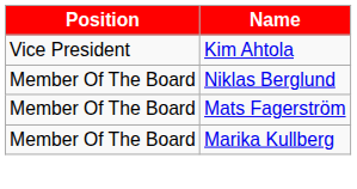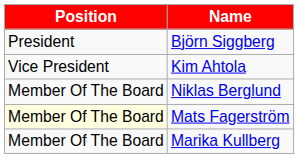 <table class="wikitable">
 <tr>
 <th style="color:#FFFFFF; background:#FF0000">Position</th>
 <th style="color:#FFFFFF; background:#FF0000">Name</th>
+</tr>
+<tr>
+<td>President</td>
+<td> <a href='#'>Björn Siggberg</a></td>
 </tr>
 <tr>
 <td>Vice President</td>
 <td> <a href='#'>Kim Ahtola</a></td>
 </tr>
 <tr>
 <td>Member Of The Board</td>
 <td> <a href='#'>Niklas Berglund</a></td>
 </tr>
 <tr>
-<td>Member Of The Board</td>
+<td style="background: lightyellow;">Member Of The Board</td>
 <td> <a href='#'>Mats Fagerström</a></td>
 </tr>
 <tr>
 <td>Member Of The Board</td>
 <td> <a href='#'>Marika Kullberg</a></td>
 </tr>
 </table>
